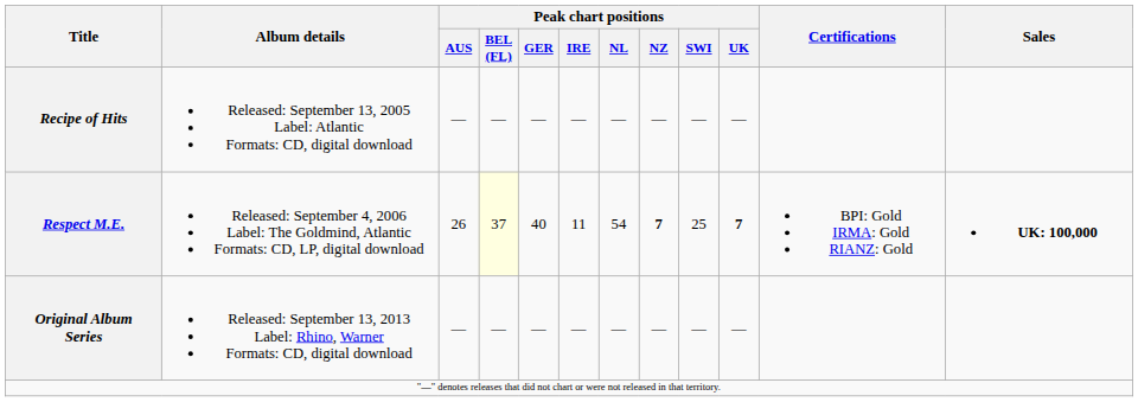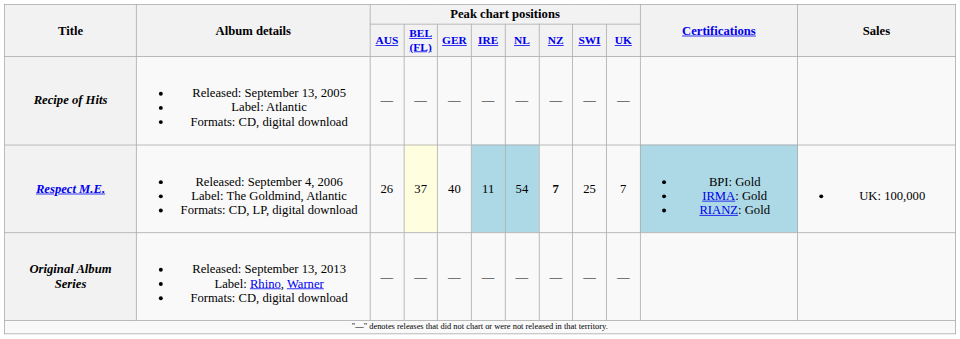 <table class="wikitable plainrowheaders" style="text-align:center;">
 <tr>
 <th scope="col" rowspan="2" style="width:10em;">Title</th>
 <th scope="col" rowspan="2" style="width:18em;">Album details</th>
 <th scope="col" colspan="8">Peak chart positions</th>
 <th scope="col" rowspan="2" style="width:12em;"><a href='#'>Certifications</a></th>
 <th scope="col" rowspan="2" style="width:12em;">Sales</th>
 </tr>
 <tr>
 <th style="width:2.5em;font-size:90%;"><a href='#'>AUS</a><br></th>
 <th style="width:2.5em;font-size:90%;"><a href='#'>BEL<br>(FL)</a><br></th>
 <th style="width:2.5em;font-size:90%;"><a href='#'>GER</a><br></th>
 <th style="width:2.5em;font-size:90%;"><a href='#'>IRE</a><br></th>
 <th style="width:2.5em;font-size:90%;"><a href='#'>NL</a><br></th>
 <th style="width:2.5em;font-size:90%;"><a href='#'>NZ</a><br></th>
 <th style="width:2.5em;font-size:90%;"><a href='#'>SWI</a><br></th>
 <th style="width:2.5em;font-size:90%;"><a href='#'>UK</a><br></th>
 </tr>
 <tr>
 <th scope="row"><em>Recipe of Hits</em></th>
 <td><br><ul><li>Released: September 13, 2005</li><li>Label: Atlantic</li><li>Formats: CD, digital download</li></ul></td>
 <td>—</td>
 <td>—</td>
 <td>—</td>
 <td>—</td>
 <td>—</td>
 <td>—</td>
 <td>—</td>
 <td>—</td>
 <td></td>
 <td></td>
 </tr>
 <tr>
 <th scope="row"><em><a href='#'>Respect M.E.</a></em></th>
 <td><br><ul><li>Released: September 4, 2006</li><li>Label: The Goldmind, Atlantic</li><li>Formats: CD, LP, digital download</li></ul></td>
 <td>26</td>
 <td style="background: lightyellow;">37</td>
 <td>40</td>
-<td>11</td>
-<td>54</td>
+<td style="background: lightblue;">11</td>
+<td style="background: lightblue;">54</td>
 <td><strong>7</strong></td>
 <td>25</td>
-<td><strong>7</strong></td>
-<td><br><ul><li>BPI: Gold</li><li><a href='#'>IRMA</a>: Gold</li><li><a href='#'>RIANZ</a>: Gold</li></ul></td>
-<td><strong><br><ul><li>UK: 100,000</li></ul></strong></td>
+<td>7</td>
+<td style="background: lightblue;"><br><ul><li>BPI: Gold</li><li><a href='#'>IRMA</a>: Gold</li><li><a href='#'>RIANZ</a>: Gold</li></ul></td>
+<td><br><ul><li>UK: 100,000</li></ul></td>
 </tr>
 <tr>
 <th scope="row"><em>Original Album<br>Series</em></th>
 <td><br><ul><li>Released: September 13, 2013</li><li>Label: <a href='#'>Rhino</a>, <a href='#'>Warner</a></li><li>Formats: CD, digital download</li></ul></td>
 <td>—</td>
 <td>—</td>
 <td>—</td>
 <td>—</td>
 <td>—</td>
 <td>—</td>
 <td>—</td>
 <td>—</td>
 <td></td>
 <td></td>
 </tr>
 <tr>
 <td colspan="15" style="font-size:8pt">"—" denotes releases that did not chart or were not released in that territory.</td>
 </tr>
 </table>
